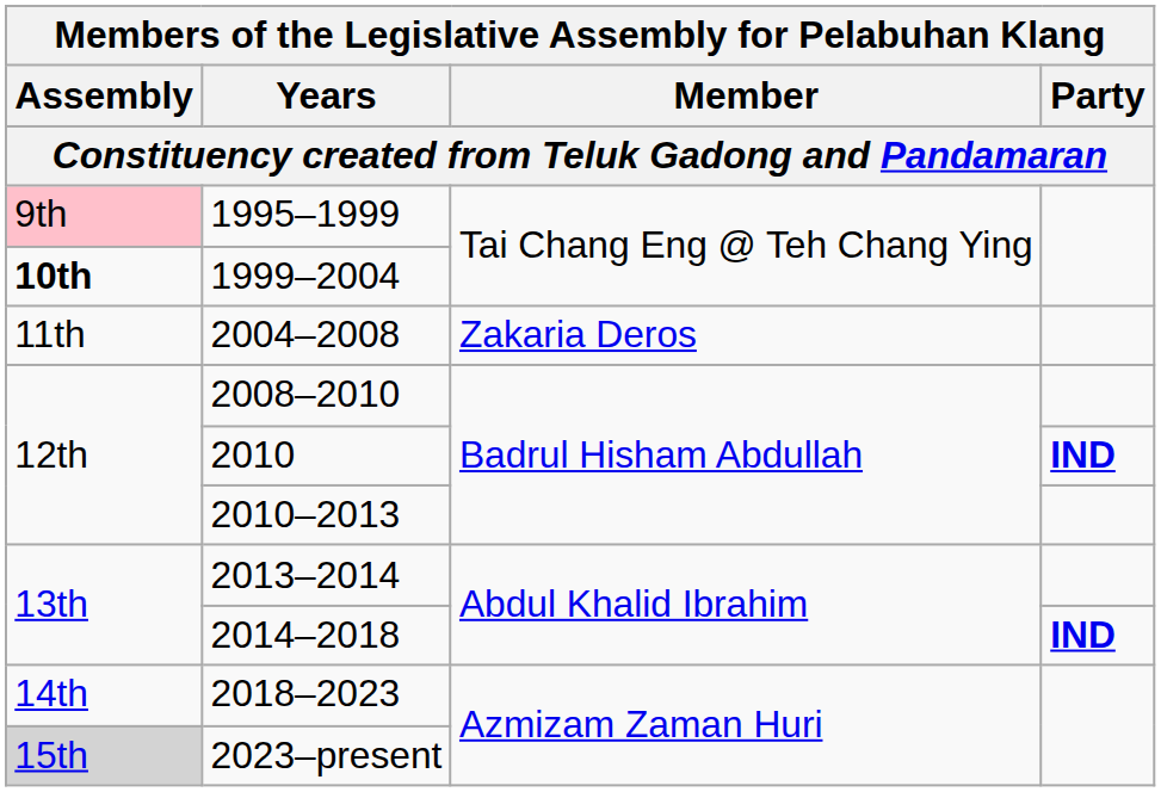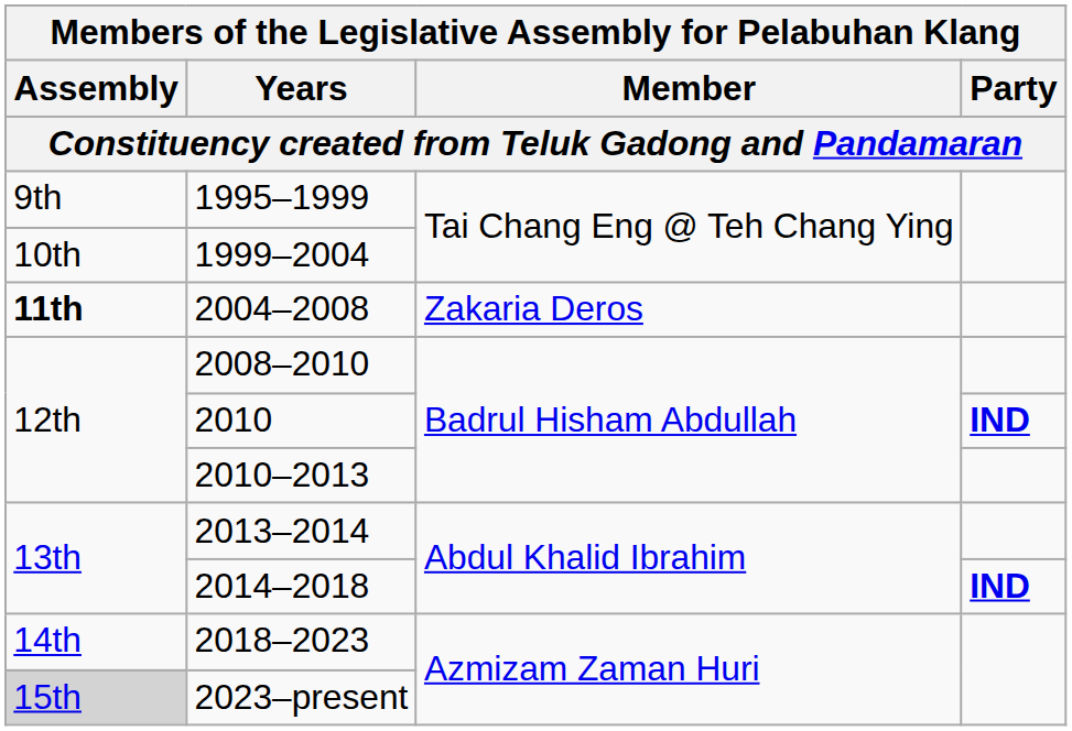 <table class=wikitable>
 <tr>
 <th colspan=4>Members of the Legislative Assembly for Pelabuhan Klang</th>
 </tr>
 <tr>
 <th>Assembly</th>
 <th>Years</th>
 <th>Member</th>
 <th>Party</th>
 </tr>
 <tr>
 <th colspan=4 align=center><em>Constituency created from Teluk Gadong and <a href='#'>Pandamaran</a></em></th>
 </tr>
 <tr>
-<td style="background: pink;">9th</td>
+<td>9th</td>
 <td>1995–1999</td>
 <td rowspan=2>Tai Chang Eng @ Teh Chang Ying</td>
 <td rowspan="2"></td>
 </tr>
 <tr>
-<td><strong>10th</strong></td>
+<td>10th</td>
 <td>1999–2004</td>
 </tr>
 <tr>
-<td>11th</td>
+<td><strong>11th</strong></td>
 <td>2004–2008</td>
 <td><a href='#'>Zakaria Deros</a></td>
 <td></td>
 </tr>
 <tr>
 <td rowspan=3>12th</td>
 <td>2008–2010</td>
 <td rowspan=3><a href='#'>Badrul Hisham Abdullah</a></td>
 <td></td>
 </tr>
 <tr>
 <td>2010</td>
 <td bgcolor=><strong><a href='#'>IND</a></strong></td>
 </tr>
 <tr>
 <td>2010–2013</td>
 <td></td>
 </tr>
 <tr>
 <td rowspan=2><a href='#'>13th</a></td>
 <td>2013–2014</td>
 <td rowspan=2><a href='#'>Abdul Khalid Ibrahim</a></td>
 <td></td>
 </tr>
 <tr>
 <td>2014–2018</td>
 <td bgcolor=><strong><a href='#'>IND</a></strong></td>
 </tr>
 <tr>
 <td><a href='#'>14th</a></td>
 <td>2018–2023</td>
 <td rowspan="2"><a href='#'>Azmizam Zaman Huri</a></td>
 <td rowspan="2"></td>
 </tr>
 <tr>
 <td style="background: lightgrey;"><a href='#'>15th</a></td>
 <td>2023–present</td>
 </tr>
 </table>
